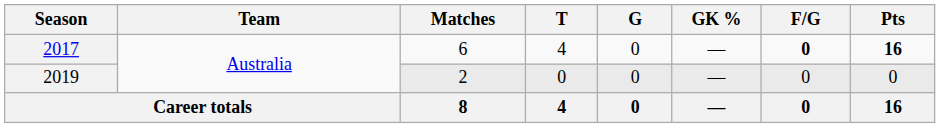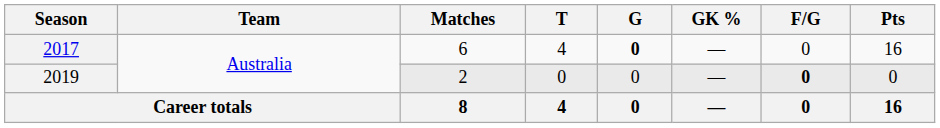 <table class="wikitable sortable"  style="font-size:90%; text-align:center; width:85%;">
 <tr>
 <th width=2%>Season</th>
 <th width=8%>Team</th>
 <th width=2%>Matches</th>
 <th width=2%>T</th>
 <th width=2%>G</th>
 <th width=2%>GK %</th>
 <th width=2%>F/G</th>
 <th width=2%>Pts</th>
 </tr>
 <tr>
 <th scope="row" style="text-align:center; font-weight:normal"><a href='#'>2017</a></th>
 <td rowspan="2" style="text-align:center;"> <a href='#'>Australia</a></td>
 <td>6</td>
 <td>4</td>
+<td><strong>0</strong></td>
+<td>—</td>
 <td>0</td>
-<td>—</td>
-<td><strong>0</strong></td>
-<td><strong>16</strong></td>
+<td>16</td>
 </tr>
 <tr style="background:#eaeaea;">
 <th scope="row" style="text-align:center; font-weight:normal">2019</th>
 <td>2</td>
 <td>0</td>
 <td>0</td>
 <td>—</td>
-<td>0</td>
+<td><strong>0</strong></td>
 <td>0</td>
 </tr>
 <tr class="sortbottom">
 <th colspan=2>Career totals</th>
 <th>8</th>
 <th>4</th>
 <th>0</th>
 <th>—</th>
 <th>0</th>
 <th>16</th>
 </tr>
 </table>
